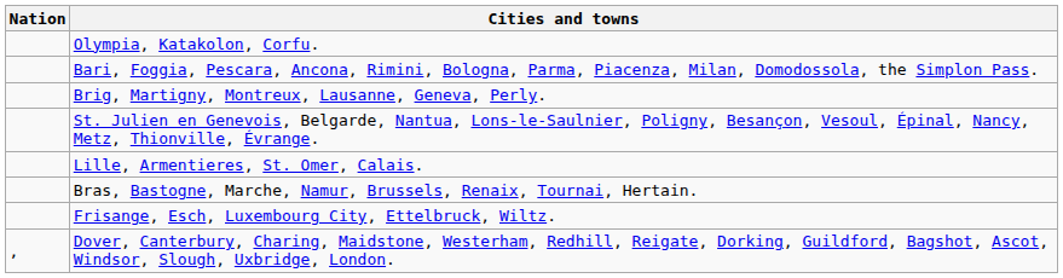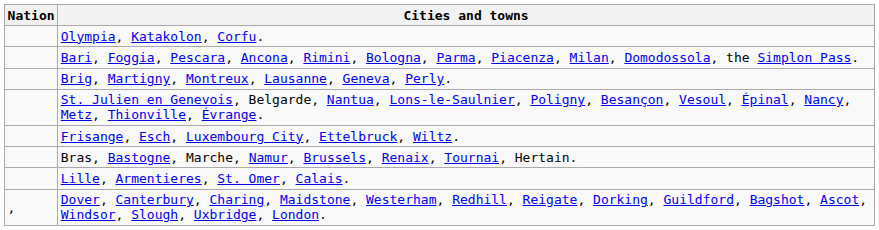 <table class="wikitable">
 <tr>
 <th>Nation</th>
 <th>Cities and towns</th>
 </tr>
 <tr>
 <td></td>
 <td><a href='#'> Olympia</a>, <a href='#'>Katakolon</a>, <a href='#'>Corfu</a>.</td>
 </tr>
 <tr>
 <td></td>
 <td><a href='#'>Bari</a>, <a href='#'>Foggia</a>, <a href='#'>Pescara</a>, <a href='#'>Ancona</a>, <a href='#'>Rimini</a>, <a href='#'>Bologna</a>, <a href='#'>Parma</a>, <a href='#'>Piacenza</a>, <a href='#'>Milan</a>, <a href='#'>Domodossola</a>, the <a href='#'>Simplon Pass</a>.</td>
 </tr>
 <tr>
 <td></td>
 <td><a href='#'>Brig</a>, <a href='#'>Martigny</a>, <a href='#'>Montreux</a>, <a href='#'>Lausanne</a>, <a href='#'>Geneva</a>, <a href='#'>Perly</a>.</td>
 </tr>
 <tr>
 <td></td>
 <td><a href='#'>St. Julien en Genevois</a>, Belgarde, <a href='#'>Nantua</a>, <a href='#'>Lons-le-Saulnier</a>, <a href='#'>Poligny</a>, <a href='#'>Besançon</a>, <a href='#'>Vesoul</a>, <a href='#'>Épinal</a>, <a href='#'>Nancy</a>, <a href='#'>Metz</a>, <a href='#'>Thionville</a>, <a href='#'>Évrange</a>.</td>
 </tr>
 <tr>
 <td></td>
-<td><a href='#'>Lille</a>, <a href='#'>Armentieres</a>, <a href='#'>St. Omer</a>, <a href='#'>Calais</a>.</td>
+<td><a href='#'>Frisange</a>, <a href='#'>Esch</a>, <a href='#'>Luxembourg City</a>, <a href='#'>Ettelbruck</a>, <a href='#'>Wiltz</a>.</td>
 </tr>
 <tr>
 <td></td>
 <td>Bras, <a href='#'>Bastogne</a>, Marche, <a href='#'>Namur</a>, <a href='#'>Brussels</a>, <a href='#'>Renaix</a>, <a href='#'>Tournai</a>, Hertain.</td>
 </tr>
 <tr>
 <td></td>
-<td><a href='#'>Frisange</a>, <a href='#'>Esch</a>, <a href='#'>Luxembourg City</a>, <a href='#'>Ettelbruck</a>, <a href='#'>Wiltz</a>.</td>
+<td><a href='#'>Lille</a>, <a href='#'>Armentieres</a>, <a href='#'>St. Omer</a>, <a href='#'>Calais</a>.</td>
 </tr>
 <tr>
 <td>, </td>
 <td><a href='#'>Dover</a>, <a href='#'>Canterbury</a>, <a href='#'>Charing</a>, <a href='#'>Maidstone</a>, <a href='#'>Westerham</a>, <a href='#'>Redhill</a>, <a href='#'>Reigate</a>, <a href='#'>Dorking</a>, <a href='#'>Guildford</a>, <a href='#'>Bagshot</a>, <a href='#'>Ascot</a>, <a href='#'>Windsor</a>, <a href='#'>Slough</a>, <a href='#'>Uxbridge</a>, <a href='#'>London</a>.</td>
 </tr>
 </table>
